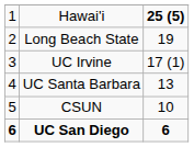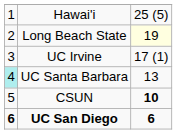 <table class="wikitable">
 <tr align="center">
 </tr>
 <tr align="center">
 <td>1</td>
 <td>Hawai'i</td>
-<td><strong>25 (5)</strong></td>
+<td>25 (5)</td>
 </tr>
 <tr align="center">
 <td>2</td>
 <td>Long Beach State</td>
-<td>19</td>
+<td style="background: lightyellow;">19</td>
 </tr>
 <tr align="center">
 <td>3</td>
 <td>UC Irvine</td>
 <td>17 (1)</td>
 </tr>
 <tr align="center">
-<td>4</td>
+<td style="background: paleturquoise;">4</td>
 <td>UC Santa Barbara</td>
 <td>13</td>
 </tr>
 <tr align="center">
 <td>5</td>
 <td>CSUN</td>
-<td>10</td>
+<td><strong>10</strong></td>
 </tr>
 <tr align="center">
 <td><strong>6</strong></td>
 <td><strong>UC San Diego</strong></td>
 <td><strong>6</strong></td>
 </tr>
 </table>
